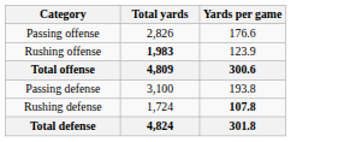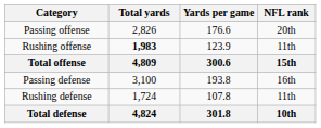 <table class="wikitable" style="text-align:center">
 <tr>
 <th width=150px>Category</th>
 <th width=100px>Total yards</th>
 <th width=110px>Yards per game</th>
+<th width=80px>NFL rank<br></th>
 </tr>
 <tr>
 <td>Passing offense</td>
 <td>2,826</td>
 <td>176.6</td>
+<td>20th</td>
 </tr>
 <tr>
 <td>Rushing offense</td>
 <td><strong>1,983</strong></td>
 <td>123.9</td>
+<td>11th</td>
 </tr>
 <tr>
 <th>Total offense</th>
 <th>4,809</th>
 <th>300.6</th>
+<th>15th</th>
 </tr>
 <tr>
 <td>Passing defense</td>
 <td>3,100</td>
 <td>193.8</td>
+<td>16th</td>
 </tr>
 <tr>
 <td>Rushing defense</td>
 <td>1,724</td>
-<td><strong>107.8</strong></td>
+<td>107.8</td>
+<td>11th</td>
 </tr>
 <tr>
 <th>Total defense</th>
 <th>4,824</th>
 <th>301.8</th>
+<th>10th</th>
 </tr>
 </table>
